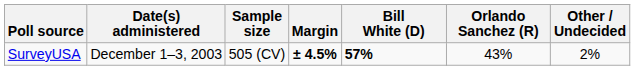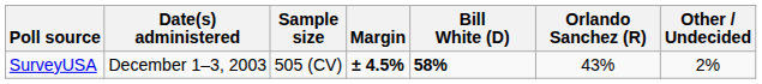 <table class="wikitable" style="font-size:90%">
 <tr valign=bottom>
 <th>Poll source</th>
 <th>Date(s)<br>administered</th>
 <th>Sample<br>size</th>
 <th>Margin<br></th>
 <th style="width:100px;">Bill<br>White (D)</th>
 <th style="width:100px;">Orlando<br>Sanchez (R)</th>
 <th>Other /<br>Undecided</th>
 </tr>
 <tr>
 <td><a href='#'>SurveyUSA</a></td>
 <td align=center>December 1–3, 2003</td>
 <td align=center>505 (CV)</td>
 <td align=center><strong>± 4.5%</strong></td>
-<td><strong>57%</strong></td>
+<td><strong>58%</strong></td>
 <td align=center>43%</td>
 <td align=center>2%</td>
 </tr>
 </table>
